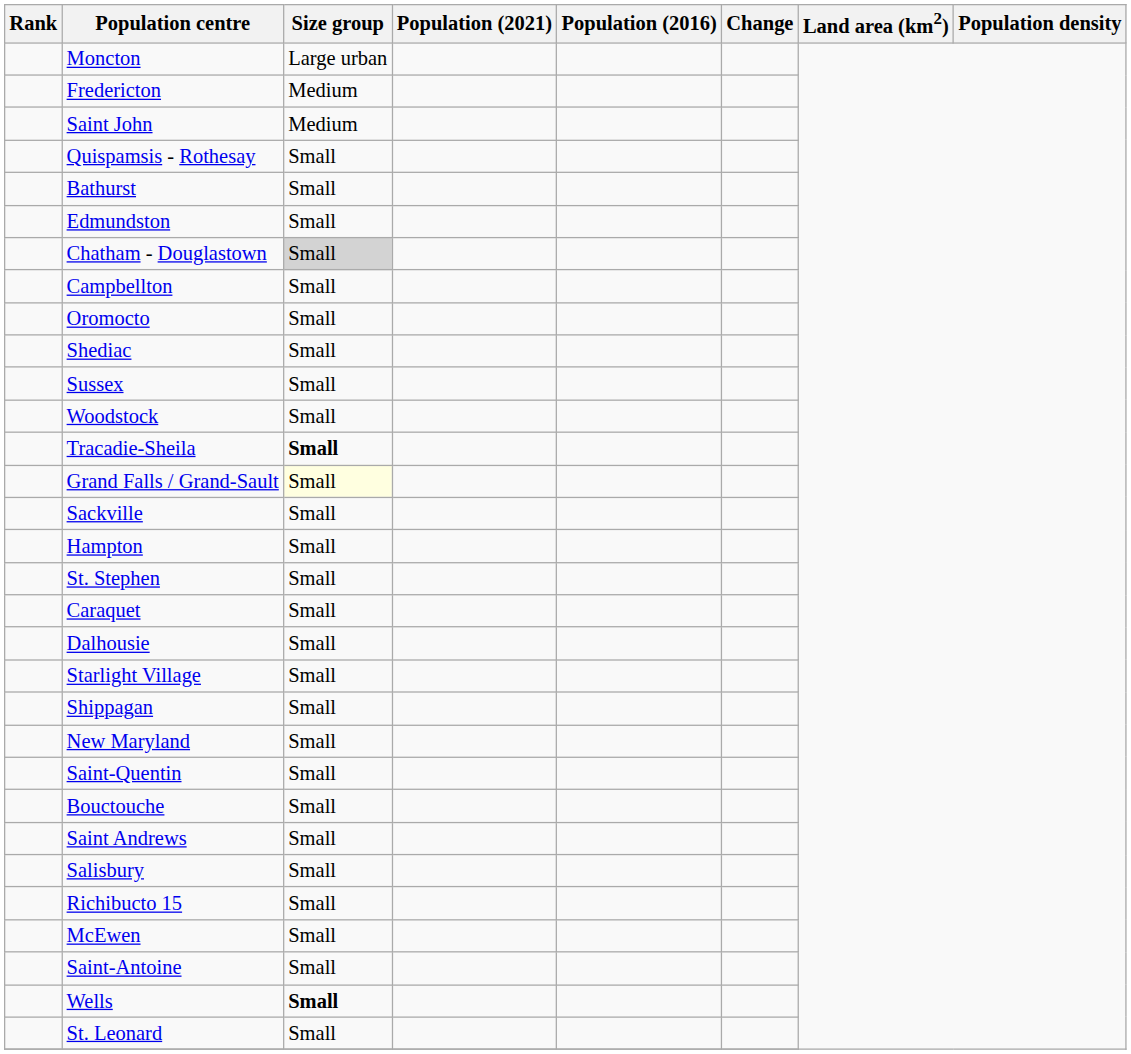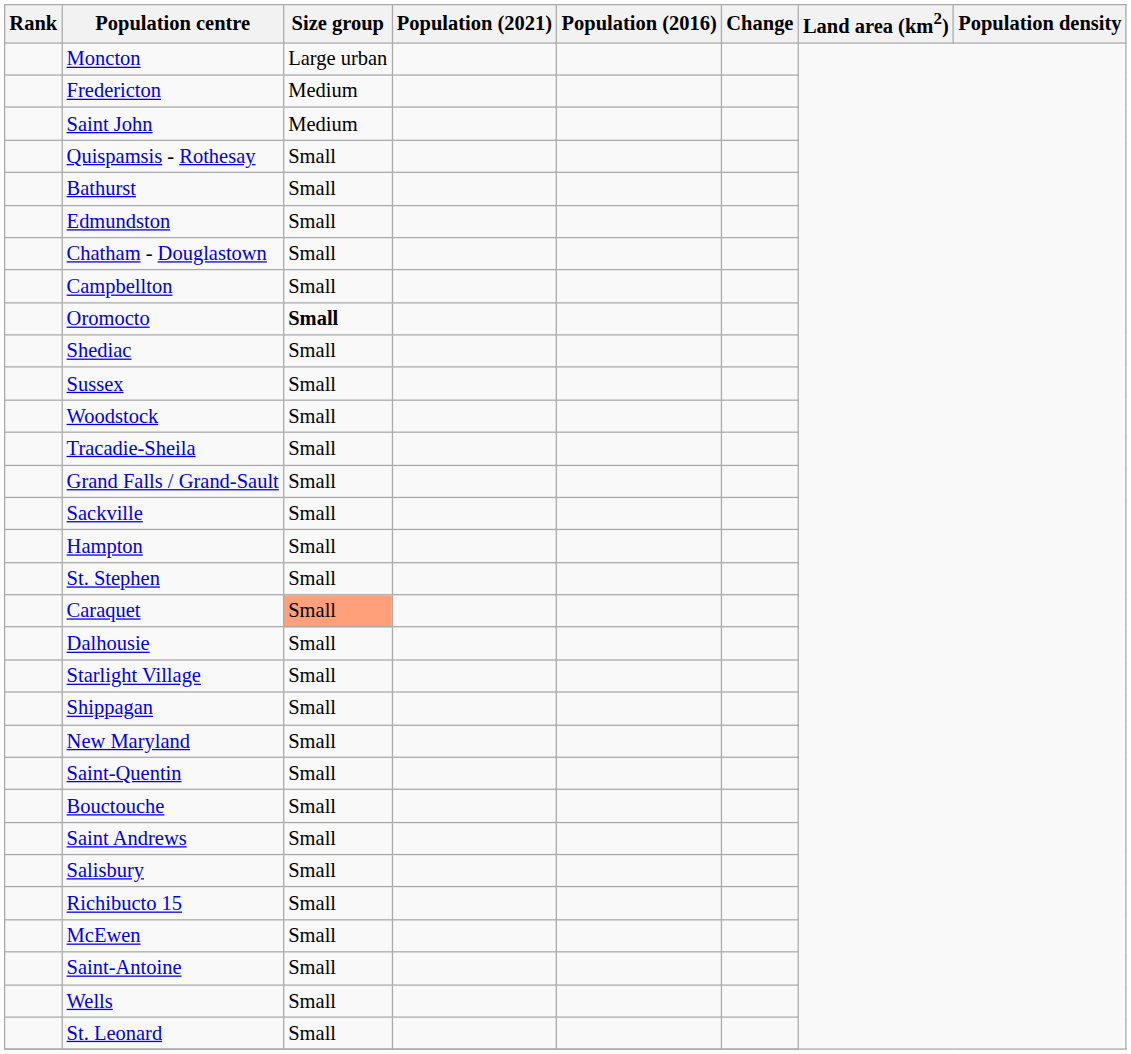 <table class="wikitable sortable">
 <tr>
 <th>Rank</th>
 <th>Population centre</th>
 <th>Size group</th>
 <th>Population (2021)</th>
 <th>Population (2016)</th>
 <th>Change</th>
 <th>Land area (km<sup>2</sup>)</th>
 <th>Population density</th>
 </tr>
 <tr>
 <td scope=row align=center></td>
 <td><a href='#'>Moncton</a></td>
 <td>Large urban</td>
 <td></td>
 <td align=center></td>
 <td align=center></td>
 </tr>
 <tr>
 <td scope=row align=center></td>
 <td><a href='#'>Fredericton</a></td>
 <td>Medium</td>
 <td></td>
 <td align=center></td>
 <td align=center></td>
 </tr>
 <tr>
 <td scope=row align=center></td>
 <td><a href='#'>Saint John</a></td>
 <td>Medium</td>
 <td></td>
 <td align=center></td>
 <td align=center></td>
 </tr>
 <tr>
 <td scope=row align=center></td>
 <td><a href='#'>Quispamsis</a> - <a href='#'>Rothesay</a></td>
 <td>Small</td>
 <td></td>
 <td align=center></td>
 <td align=center></td>
 </tr>
 <tr>
 <td scope=row align=center></td>
 <td><a href='#'>Bathurst</a></td>
 <td>Small</td>
 <td></td>
 <td align=center></td>
 <td align=center></td>
 </tr>
 <tr>
 <td scope=row align=center></td>
 <td><a href='#'>Edmundston</a></td>
 <td>Small</td>
 <td></td>
 <td align=center></td>
 <td align=center></td>
 </tr>
 <tr>
 <td scope=row align=center></td>
 <td><a href='#'>Chatham</a> - <a href='#'>Douglastown</a></td>
-<td style="background: lightgrey;">Small</td>
+<td>Small</td>
 <td></td>
 <td align=center></td>
 <td align=center></td>
 </tr>
 <tr>
 <td scope=row align=center></td>
 <td><a href='#'>Campbellton</a></td>
 <td>Small</td>
 <td></td>
 <td align=center></td>
 <td align=center></td>
 </tr>
 <tr>
 <td scope=row align=center></td>
 <td><a href='#'>Oromocto</a></td>
-<td>Small</td>
+<td><strong>Small</strong></td>
 <td></td>
 <td align=center></td>
 <td align=center></td>
 </tr>
 <tr>
 <td scope=row align=center></td>
 <td><a href='#'>Shediac</a></td>
 <td>Small</td>
 <td></td>
 <td align=center></td>
 <td align=center></td>
 </tr>
 <tr>
 <td scope=row align=center></td>
 <td><a href='#'>Sussex</a></td>
 <td>Small</td>
 <td></td>
 <td align=center></td>
 <td align=center></td>
 </tr>
 <tr>
 <td scope=row align=center></td>
 <td><a href='#'>Woodstock</a></td>
 <td>Small</td>
 <td></td>
 <td align=center></td>
 <td align=center></td>
 </tr>
 <tr>
 <td scope=row align=center></td>
 <td><a href='#'>Tracadie-Sheila</a></td>
-<td><strong>Small</strong></td>
+<td>Small</td>
 <td></td>
 <td align=center></td>
 <td align=center></td>
 </tr>
 <tr>
 <td scope=row align=center></td>
 <td><a href='#'>Grand Falls / Grand-Sault</a></td>
-<td style="background: lightyellow;">Small</td>
+<td>Small</td>
 <td></td>
 <td align=center></td>
 <td align=center></td>
 </tr>
 <tr>
 <td scope=row align=center></td>
 <td><a href='#'>Sackville</a></td>
 <td>Small</td>
 <td></td>
 <td align=center></td>
 <td align=center></td>
 </tr>
 <tr>
 <td scope=row align=center></td>
 <td><a href='#'>Hampton</a></td>
 <td>Small</td>
 <td></td>
 <td align=center></td>
 <td align=center></td>
 </tr>
 <tr>
 <td scope=row align=center></td>
 <td><a href='#'>St. Stephen</a></td>
 <td>Small</td>
 <td></td>
 <td align=center></td>
 <td align=center></td>
 </tr>
 <tr>
 <td scope=row align=center></td>
 <td><a href='#'>Caraquet</a></td>
-<td>Small</td>
+<td style="background: lightsalmon;">Small</td>
 <td></td>
 <td align=center></td>
 <td align=center></td>
 </tr>
 <tr>
 <td scope=row align=center></td>
 <td><a href='#'>Dalhousie</a></td>
 <td>Small</td>
 <td></td>
 <td align=center></td>
 <td align=center></td>
 </tr>
 <tr>
 <td scope=row align=center></td>
 <td><a href='#'>Starlight Village</a></td>
 <td>Small</td>
 <td></td>
 <td align=center></td>
 <td align=center></td>
 </tr>
 <tr>
 <td scope=row align=center></td>
 <td><a href='#'>Shippagan</a></td>
 <td>Small</td>
 <td></td>
 <td align=center></td>
 <td align=center></td>
 </tr>
 <tr>
 <td scope=row align=center></td>
 <td><a href='#'>New Maryland</a></td>
 <td>Small</td>
 <td></td>
 <td align=center></td>
 <td align=center></td>
 </tr>
 <tr>
 <td scope=row align=center></td>
 <td><a href='#'>Saint-Quentin</a></td>
 <td>Small</td>
 <td></td>
 <td align=center></td>
 <td align=center></td>
 </tr>
 <tr>
 <td scope=row align=center></td>
 <td><a href='#'>Bouctouche</a></td>
 <td>Small</td>
 <td></td>
 <td align=center></td>
 <td align=center></td>
 </tr>
 <tr>
 <td scope=row align=center></td>
 <td><a href='#'>Saint Andrews</a></td>
 <td>Small</td>
 <td></td>
 <td align=center></td>
 <td align=center></td>
 </tr>
 <tr>
 <td scope=row align=center></td>
 <td><a href='#'>Salisbury</a></td>
 <td>Small</td>
 <td></td>
 <td align=center></td>
 <td align=center></td>
 </tr>
 <tr>
 <td scope=row align=center></td>
 <td><a href='#'>Richibucto 15</a></td>
 <td>Small</td>
 <td></td>
 <td align=center></td>
 <td align=center></td>
 </tr>
 <tr>
 <td scope=row align=center></td>
 <td><a href='#'>McEwen</a></td>
 <td>Small</td>
 <td></td>
 <td align=center></td>
 <td align=center></td>
 </tr>
 <tr>
 <td scope=row align=center></td>
 <td><a href='#'>Saint-Antoine</a></td>
 <td>Small</td>
 <td></td>
 <td align=center></td>
 <td align=center></td>
 </tr>
 <tr>
 <td scope=row align=center></td>
 <td><a href='#'>Wells</a></td>
-<td><strong>Small</strong></td>
+<td>Small</td>
 <td></td>
 <td align=center></td>
 <td align=center></td>
 </tr>
 <tr>
 <td scope=row align=center></td>
 <td><a href='#'>St. Leonard</a></td>
 <td>Small</td>
 <td></td>
 <td align=center></td>
 <td align=center></td>
 </tr>
 <tr>
 </tr>
 </table>
